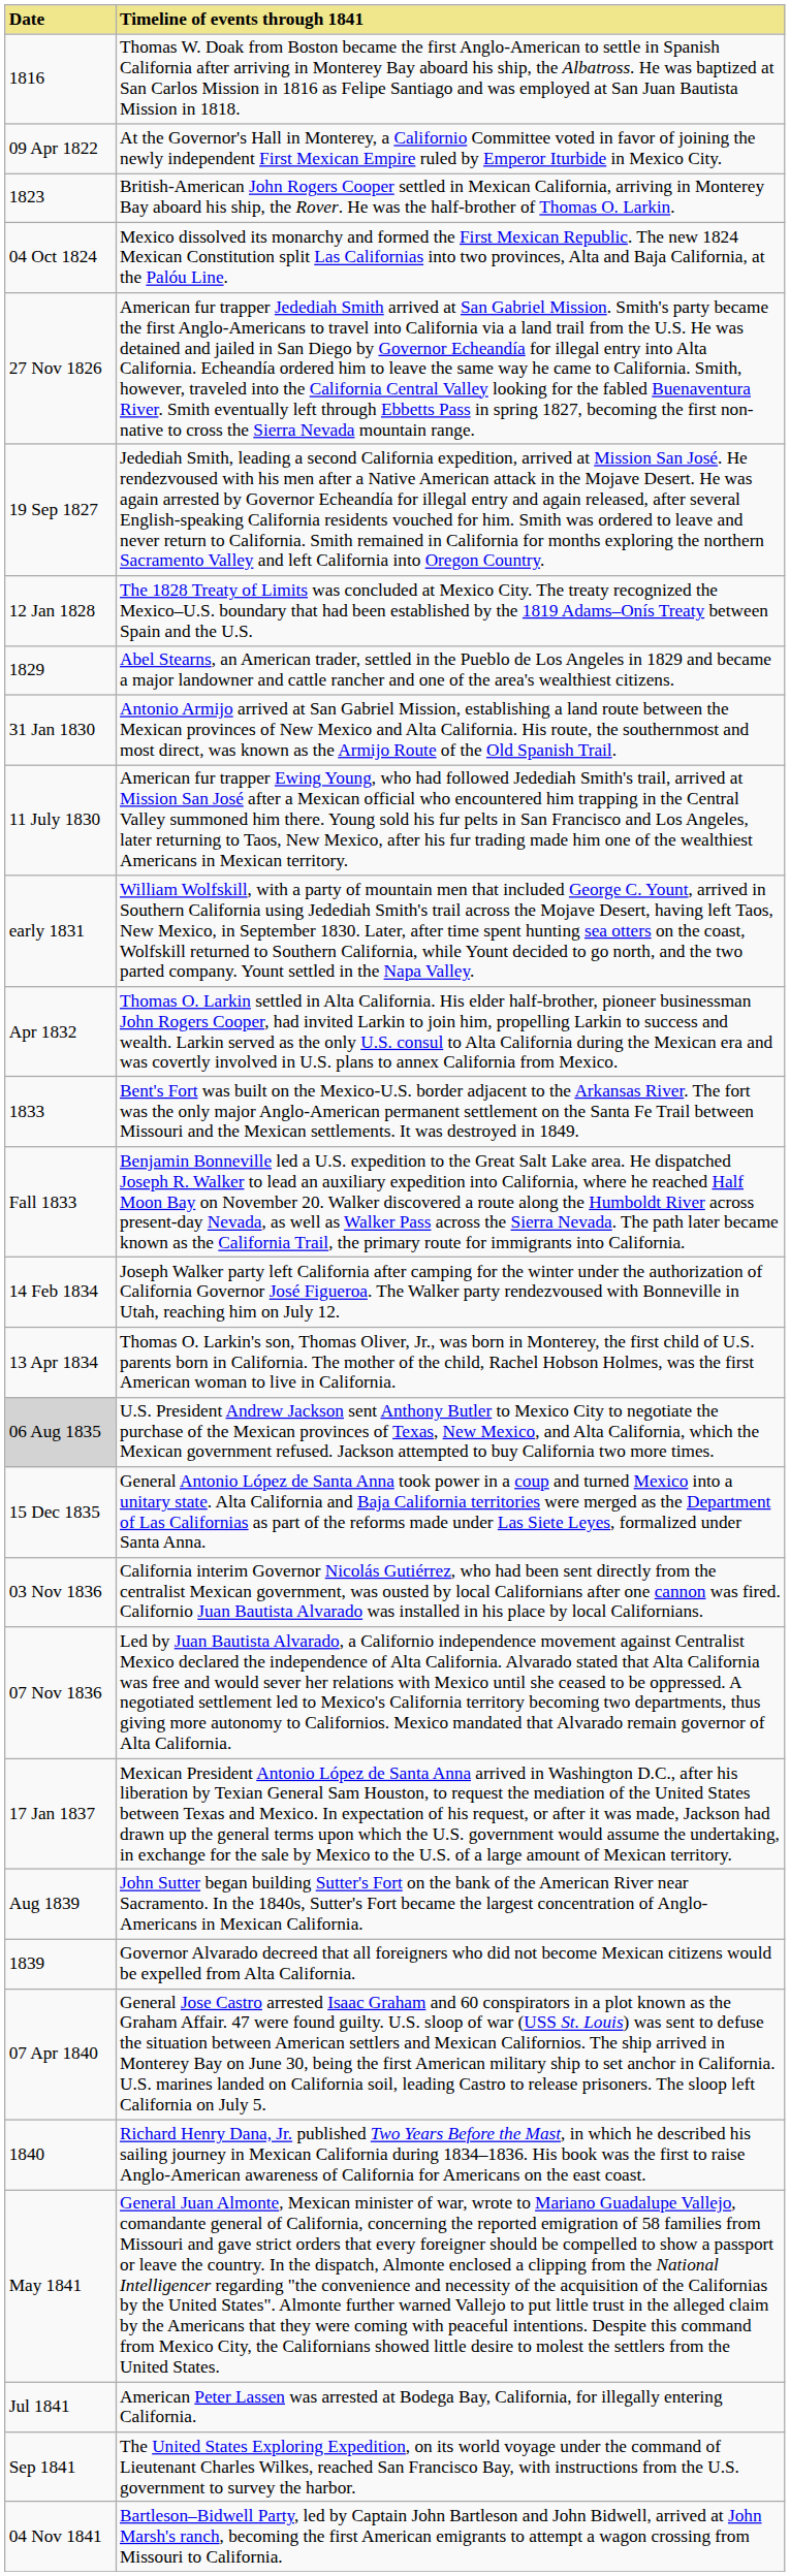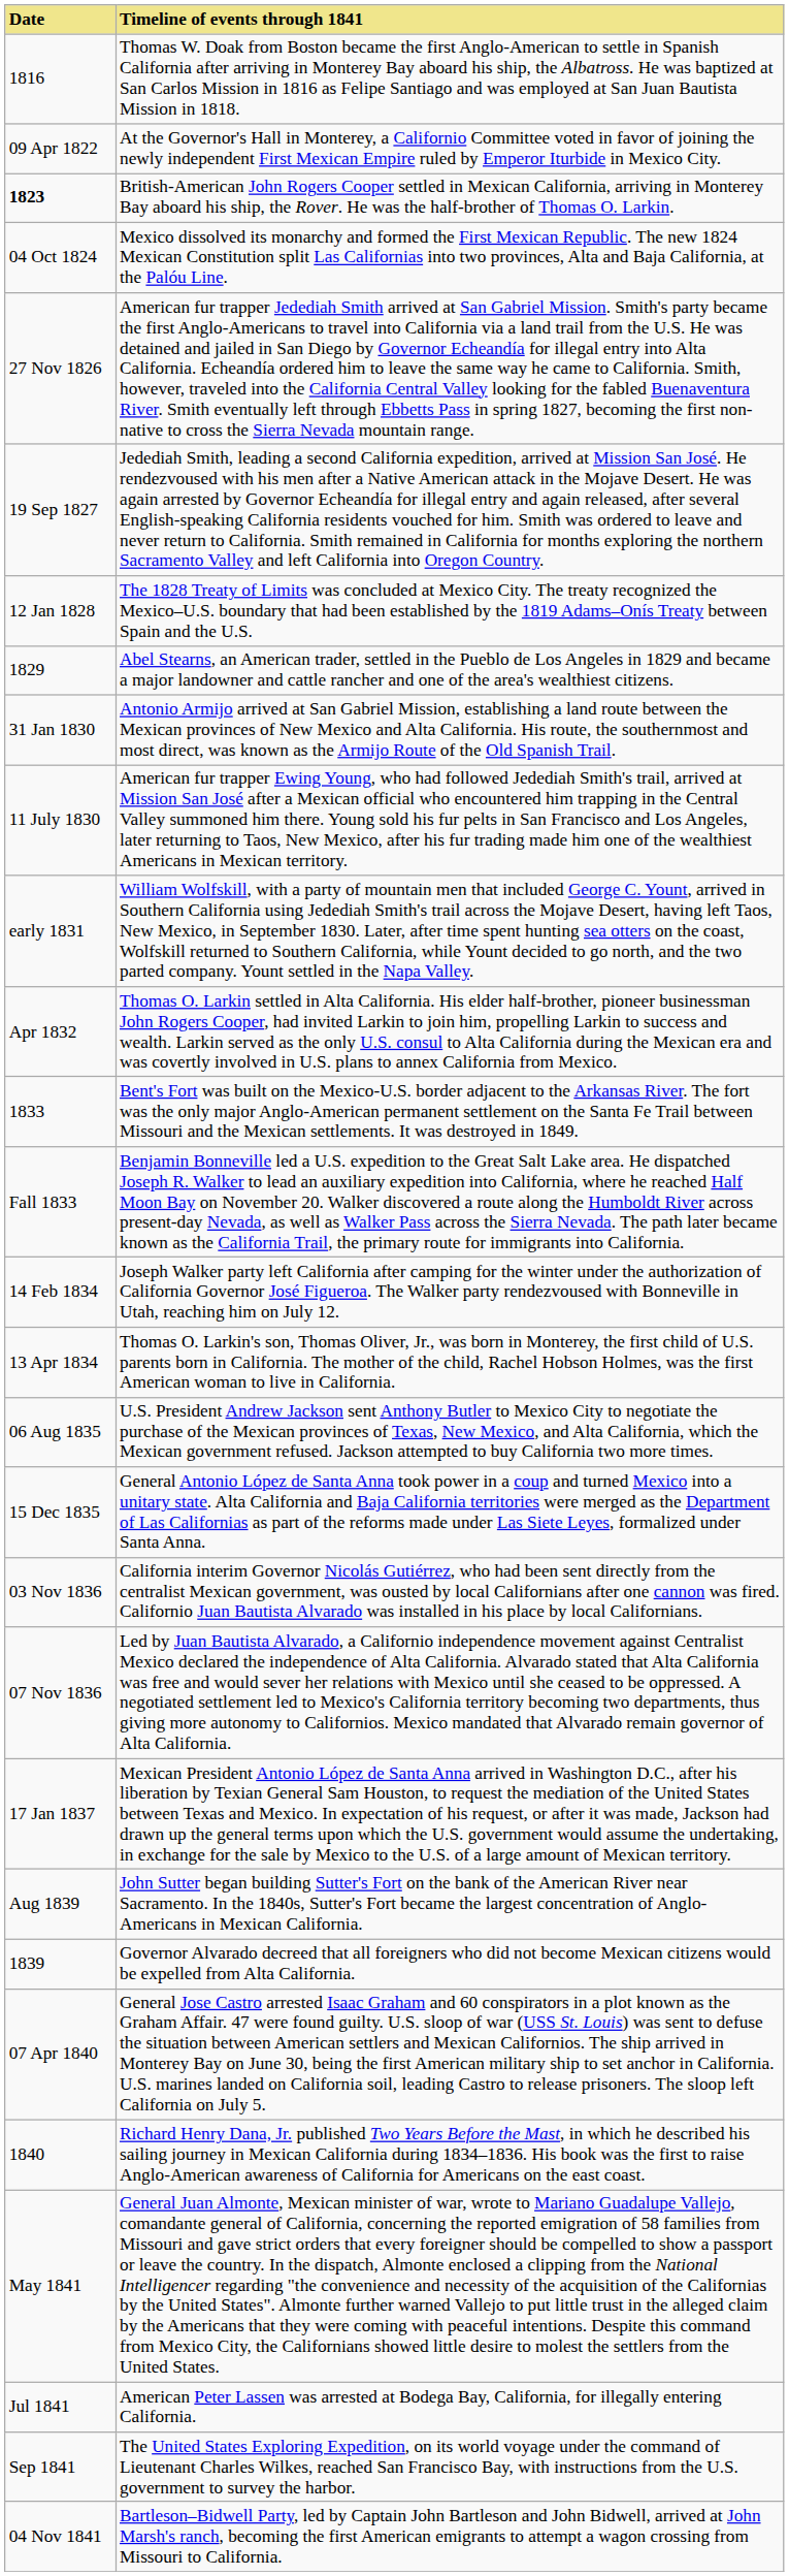 <table class="wikitable" style="text-align:left; font-size:87%;">
 <tr>
 <td style="background: #F0E68C"><strong>Date</strong></td>
 <td style="background: #F0E68C"><strong>Timeline of events through 1841</strong></td>
 </tr>
 <tr>
 <td width="80pt">1816</td>
 <td>Thomas W. Doak from Boston became the first Anglo-American to settle in Spanish California after arriving in Monterey Bay aboard his ship, the <em>Albatross</em>. He was baptized at San Carlos Mission in 1816 as Felipe Santiago and was employed at San Juan Bautista Mission in 1818.</td>
 </tr>
 <tr>
 <td>09 Apr 1822</td>
 <td>At the Governor's Hall in Monterey, a <a href='#'>Californio</a> Committee voted in favor of joining the newly independent <a href='#'>First Mexican Empire</a> ruled by <a href='#'>Emperor Iturbide</a> in Mexico City.</td>
 </tr>
 <tr>
-<td>1823</td>
+<td><strong>1823</strong></td>
 <td>British-American <a href='#'>John Rogers Cooper</a> settled in Mexican California, arriving in Monterey Bay aboard his ship, the <em>Rover</em>. He was the half-brother of <a href='#'>Thomas O. Larkin</a>.</td>
 </tr>
 <tr>
 <td>04 Oct 1824</td>
 <td>Mexico dissolved its monarchy and formed the <a href='#'>First Mexican Republic</a>. The new 1824 Mexican Constitution split <a href='#'>Las Californias</a> into two provinces, Alta and Baja California, at the <a href='#'>Palóu Line</a>.</td>
 </tr>
 <tr>
 <td>27 Nov 1826</td>
 <td>American fur trapper <a href='#'>Jedediah Smith</a> arrived at <a href='#'>San Gabriel Mission</a>. Smith's party became the first Anglo-Americans to travel into California via a land trail from the U.S. He was detained and jailed in San Diego by <a href='#'>Governor Echeandía</a> for illegal entry into Alta California. Echeandía ordered him to leave the same way he came to California. Smith, however, traveled into the <a href='#'>California Central Valley</a> looking for the fabled <a href='#'>Buenaventura River</a>. Smith eventually left through <a href='#'>Ebbetts Pass</a> in spring 1827, becoming the first non-native to cross the <a href='#'>Sierra Nevada</a> mountain range.</td>
 </tr>
 <tr>
 <td>19 Sep 1827</td>
 <td>Jedediah Smith, leading a second California expedition, arrived at <a href='#'>Mission San José</a>. He rendezvoused with his men after a Native American attack in the Mojave Desert. He was again arrested by Governor Echeandía for illegal entry and again released, after several English-speaking California residents vouched for him. Smith was ordered to leave and never return to California. Smith remained in California for months exploring the northern <a href='#'>Sacramento Valley</a> and left California into <a href='#'>Oregon Country</a>.</td>
 </tr>
 <tr>
 <td>12 Jan 1828</td>
 <td><a href='#'>The 1828 Treaty of Limits</a> was concluded at Mexico City. The treaty recognized the Mexico–U.S. boundary that had been established by the <a href='#'>1819 Adams–Onís Treaty</a> between Spain and the U.S.</td>
 </tr>
 <tr>
 <td>1829</td>
 <td><a href='#'>Abel Stearns</a>, an American trader, settled in the Pueblo de Los Angeles in 1829 and became a major landowner and cattle rancher and one of the area's wealthiest citizens.</td>
 </tr>
 <tr>
 <td>31 Jan 1830</td>
 <td><a href='#'>Antonio Armijo</a> arrived at San Gabriel Mission, establishing a land route between the Mexican provinces of New Mexico and Alta California. His route, the southernmost and most direct, was known as the <a href='#'>Armijo Route</a> of the <a href='#'>Old Spanish Trail</a>.</td>
 </tr>
 <tr>
 <td>11 July 1830</td>
 <td>American fur trapper <a href='#'>Ewing Young</a>, who had followed Jedediah Smith's trail, arrived at <a href='#'>Mission San José</a> after a Mexican official who encountered him trapping in the Central Valley summoned him there. Young sold his fur pelts in San Francisco and Los Angeles, later returning to Taos, New Mexico, after his fur trading made him one of the wealthiest Americans in Mexican territory.</td>
 </tr>
 <tr>
 <td>early 1831</td>
 <td><a href='#'>William Wolfskill</a>, with a party of mountain men that included <a href='#'>George C. Yount</a>, arrived in Southern California using Jedediah Smith's trail across the Mojave Desert, having left Taos, New Mexico, in September 1830. Later, after time spent hunting <a href='#'>sea otters</a> on the coast, Wolfskill returned to Southern California, while Yount decided to go north, and the two parted company. Yount settled in the <a href='#'>Napa Valley</a>.</td>
 </tr>
 <tr>
 <td>Apr 1832</td>
 <td><a href='#'>Thomas O. Larkin</a> settled in Alta California. His elder half-brother, pioneer businessman <a href='#'>John Rogers Cooper</a>, had invited Larkin to join him, propelling Larkin to success and wealth. Larkin served as the only <a href='#'>U.S. consul</a> to Alta California during the Mexican era and was covertly involved in U.S. plans to annex California from Mexico.</td>
 </tr>
 <tr>
 <td>1833</td>
 <td><a href='#'>Bent's Fort</a> was built on the Mexico-U.S. border adjacent to the <a href='#'>Arkansas River</a>. The fort was the only major Anglo-American permanent settlement on the Santa Fe Trail between Missouri and the Mexican settlements. It was destroyed in 1849.</td>
 </tr>
 <tr>
 <td>Fall 1833</td>
 <td><a href='#'>Benjamin Bonneville</a> led a U.S. expedition to the Great Salt Lake area. He dispatched <a href='#'>Joseph R. Walker</a> to lead an auxiliary expedition into California, where he reached <a href='#'>Half Moon Bay</a> on November 20. Walker discovered a route along the <a href='#'>Humboldt River</a> across present-day <a href='#'>Nevada</a>, as well as <a href='#'>Walker Pass</a> across the <a href='#'>Sierra Nevada</a>. The path later became known as the <a href='#'>California Trail</a>, the primary route for immigrants into California.</td>
 </tr>
 <tr>
 <td>14 Feb 1834</td>
 <td>Joseph Walker party left California after camping for the winter under the authorization of California Governor <a href='#'>José Figueroa</a>. The Walker party rendezvoused with Bonneville in Utah, reaching him on July 12.</td>
 </tr>
 <tr>
 <td>13 Apr 1834</td>
 <td>Thomas O. Larkin's son, Thomas Oliver, Jr., was born in Monterey, the first child of U.S. parents born in California. The mother of the child, Rachel Hobson Holmes, was the first American woman to live in California.</td>
 </tr>
 <tr>
-<td style="background: lightgrey;">06 Aug 1835</td>
+<td>06 Aug 1835</td>
 <td>U.S. President <a href='#'>Andrew Jackson</a> sent <a href='#'>Anthony Butler</a> to Mexico City to negotiate the purchase of the Mexican provinces of <a href='#'>Texas</a>, <a href='#'>New Mexico</a>, and Alta California, which the Mexican government refused. Jackson attempted to buy California two more times.</td>
 </tr>
 <tr>
 <td>15 Dec 1835</td>
 <td>General <a href='#'>Antonio López de Santa Anna</a> took power in a <a href='#'>coup</a> and turned <a href='#'>Mexico</a> into a <a href='#'>unitary state</a>. Alta California and <a href='#'>Baja California territories</a> were merged as the <a href='#'>Department of Las Californias</a> as part of the reforms made under <a href='#'>Las Siete Leyes</a>, formalized under Santa Anna.</td>
 </tr>
 <tr>
 <td>03 Nov 1836</td>
 <td>California interim Governor <a href='#'>Nicolás Gutiérrez</a>, who had been sent directly from the centralist Mexican government, was ousted by local Californians after one <a href='#'>cannon</a> was fired. Californio <a href='#'>Juan Bautista Alvarado</a> was installed in his place by local Californians.</td>
 </tr>
 <tr>
 <td>07 Nov 1836</td>
 <td>Led by <a href='#'>Juan Bautista Alvarado</a>, a Californio independence movement against Centralist Mexico declared the independence of Alta California. Alvarado stated that Alta California was free and would sever her relations with Mexico until she ceased to be oppressed. A negotiated settlement led to Mexico's California territory becoming two departments, thus giving more autonomy to Californios. Mexico mandated that Alvarado remain governor of Alta California.</td>
 </tr>
 <tr>
 <td>17 Jan 1837</td>
 <td>Mexican President <a href='#'>Antonio López de Santa Anna</a> arrived in Washington D.C., after his liberation by Texian General Sam Houston, to request the mediation of the United States between Texas and Mexico. In expectation of his request, or after it was made, Jackson had drawn up the general terms upon which the U.S. government would assume the undertaking, in exchange for the sale by Mexico to the U.S. of a large amount of Mexican territory.</td>
 </tr>
 <tr>
 <td>Aug 1839</td>
 <td><a href='#'>John Sutter</a> began building <a href='#'>Sutter's Fort</a> on the bank of the American River near Sacramento. In the 1840s, Sutter's Fort became the largest concentration of Anglo-Americans in Mexican California.</td>
 </tr>
 <tr>
 <td>1839</td>
 <td>Governor Alvarado decreed that all foreigners who did not become Mexican citizens would be expelled from Alta California.</td>
 </tr>
 <tr>
 <td>07 Apr 1840</td>
 <td>General <a href='#'>Jose Castro</a> arrested <a href='#'>Isaac Graham</a> and 60 conspirators in a plot known as the Graham Affair. 47 were found guilty. U.S. sloop of war (<a href='#'>USS <em>St. Louis</em></a>) was sent to defuse the situation between American settlers and Mexican Californios. The ship arrived in Monterey Bay on June 30, being the first American military ship to set anchor in California. U.S. marines landed on California soil, leading Castro to release prisoners. The sloop left California on July 5.</td>
 </tr>
 <tr>
 <td>1840</td>
 <td><a href='#'>Richard Henry Dana, Jr.</a> published <em><a href='#'>Two Years Before the Mast</a></em>, in which he described his sailing journey in Mexican California during 1834–1836. His book was the first to raise Anglo-American awareness of California for Americans on the east coast.</td>
 </tr>
 <tr>
 <td>May 1841</td>
 <td><a href='#'>General Juan Almonte</a>, Mexican minister of war, wrote to <a href='#'>Mariano Guadalupe Vallejo</a>, comandante general of California, concerning the reported emigration of 58 families from Missouri and gave strict orders that every foreigner should be compelled to show a passport or leave the country. In the dispatch, Almonte enclosed a clipping from the <em>National Intelligencer</em> regarding "the convenience and necessity of the acquisition of the Californias by the United States". Almonte further warned Vallejo to put little trust in the alleged claim by the Americans that they were coming with peaceful intentions. Despite this command from Mexico City, the Californians showed little desire to molest the settlers from the United States.</td>
 </tr>
 <tr>
 <td>Jul 1841</td>
 <td>American <a href='#'>Peter Lassen</a> was arrested at Bodega Bay, California, for illegally entering California.</td>
 </tr>
 <tr>
 <td>Sep 1841</td>
 <td>The <a href='#'>United States Exploring Expedition</a>, on its world voyage under the command of Lieutenant Charles Wilkes, reached San Francisco Bay, with instructions from the U.S. government to survey the harbor.</td>
 </tr>
 <tr>
 <td>04 Nov 1841</td>
 <td><a href='#'>Bartleson–Bidwell Party</a>, led by Captain John Bartleson and John Bidwell, arrived at <a href='#'>John Marsh's ranch</a>, becoming the first American emigrants to attempt a wagon crossing from Missouri to California.</td>
 </tr>
 </table>
